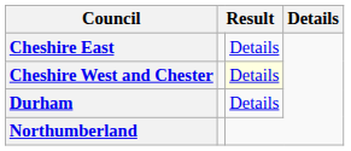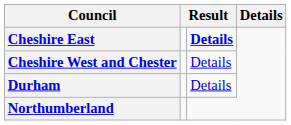 <table class="wikitable" border="1">
 <tr>
 <th scope="col">Council</th>
 <th colspan=2>Result</th>
 <th scope="col">Details</th>
 </tr>
 <tr>
 <th scope="row" style="text-align: left;"><a href='#'>Cheshire East</a></th>
 <td></td>
-<td><a href='#'>Details</a></td>
+<td><strong><a href='#'>Details</a></strong></td>
 </tr>
 <tr>
 <th scope="row" style="text-align: left;"><a href='#'>Cheshire West and Chester</a></th>
 <td></td>
-<td style="background: lightyellow;"><a href='#'>Details</a></td>
+<td><a href='#'>Details</a></td>
 </tr>
 <tr>
 <th scope="row" style="text-align: left;"><a href='#'>Durham</a></th>
 <td></td>
 <td><a href='#'>Details</a></td>
 </tr>
 <tr>
 <th scope="row" style="text-align: left;"><a href='#'>Northumberland</a></th>
 <td></td>
 </tr>
 </table>
